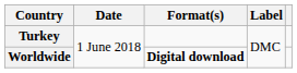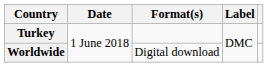 <table class="wikitable plainrowheaders">
 <tr>
 <th scope="col">Country</th>
 <th scope="col">Date</th>
 <th scope="col">Format(s)</th>
 <th scope="col">Label</th>
 <th scope="col"></th>
 </tr>
 <tr>
 <th scope="row">Turkey</th>
 <td rowspan="2">1 June 2018</td>
 <td></td>
 <td rowspan="2">DMC</td>
 <td align="center"></td>
 </tr>
 <tr>
 <th scope="row">Worldwide</th>
-<td><strong>Digital download</strong></td>
+<td>Digital download</td>
 <td align="center"></td>
 </tr>
 </table>
